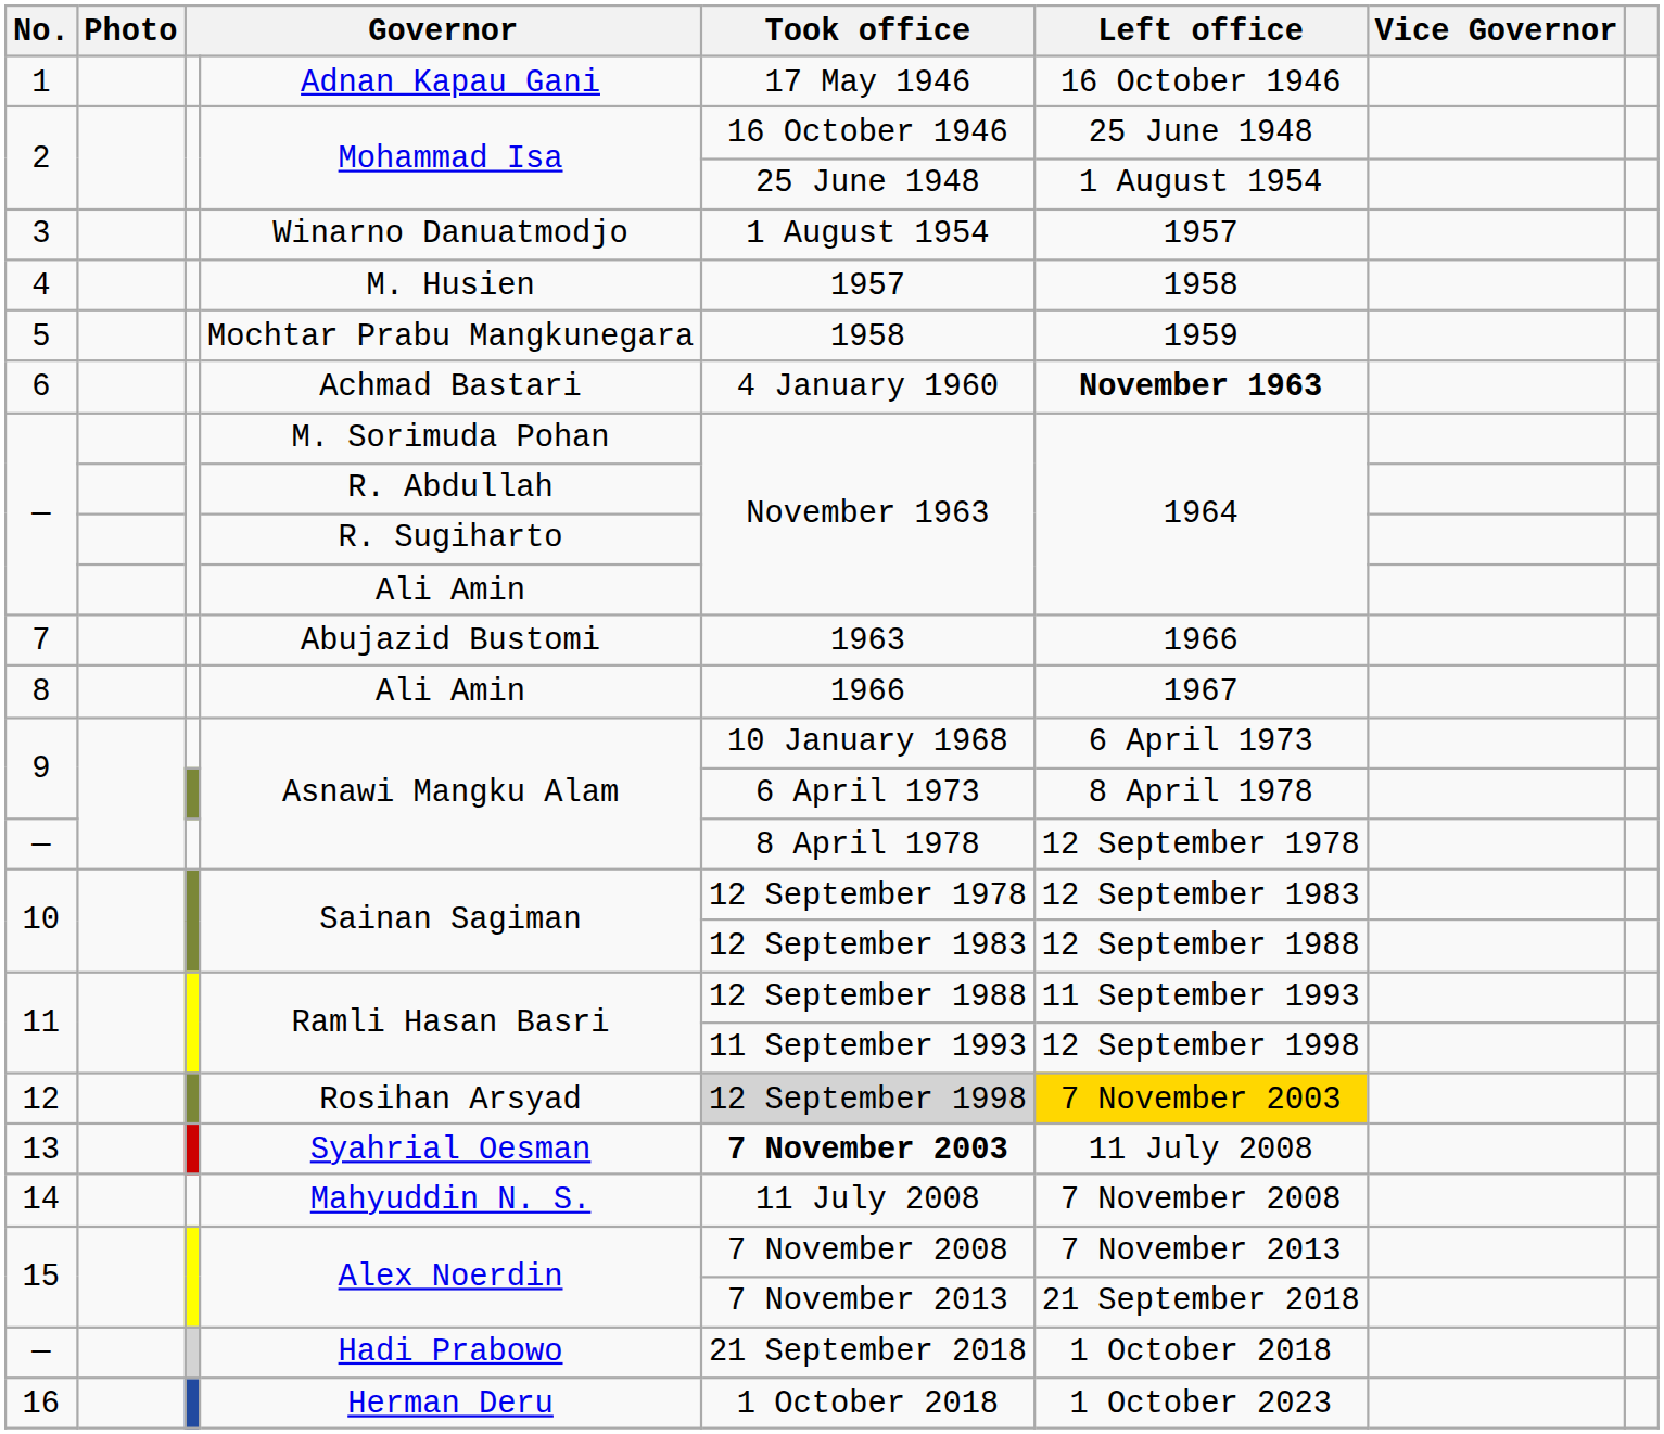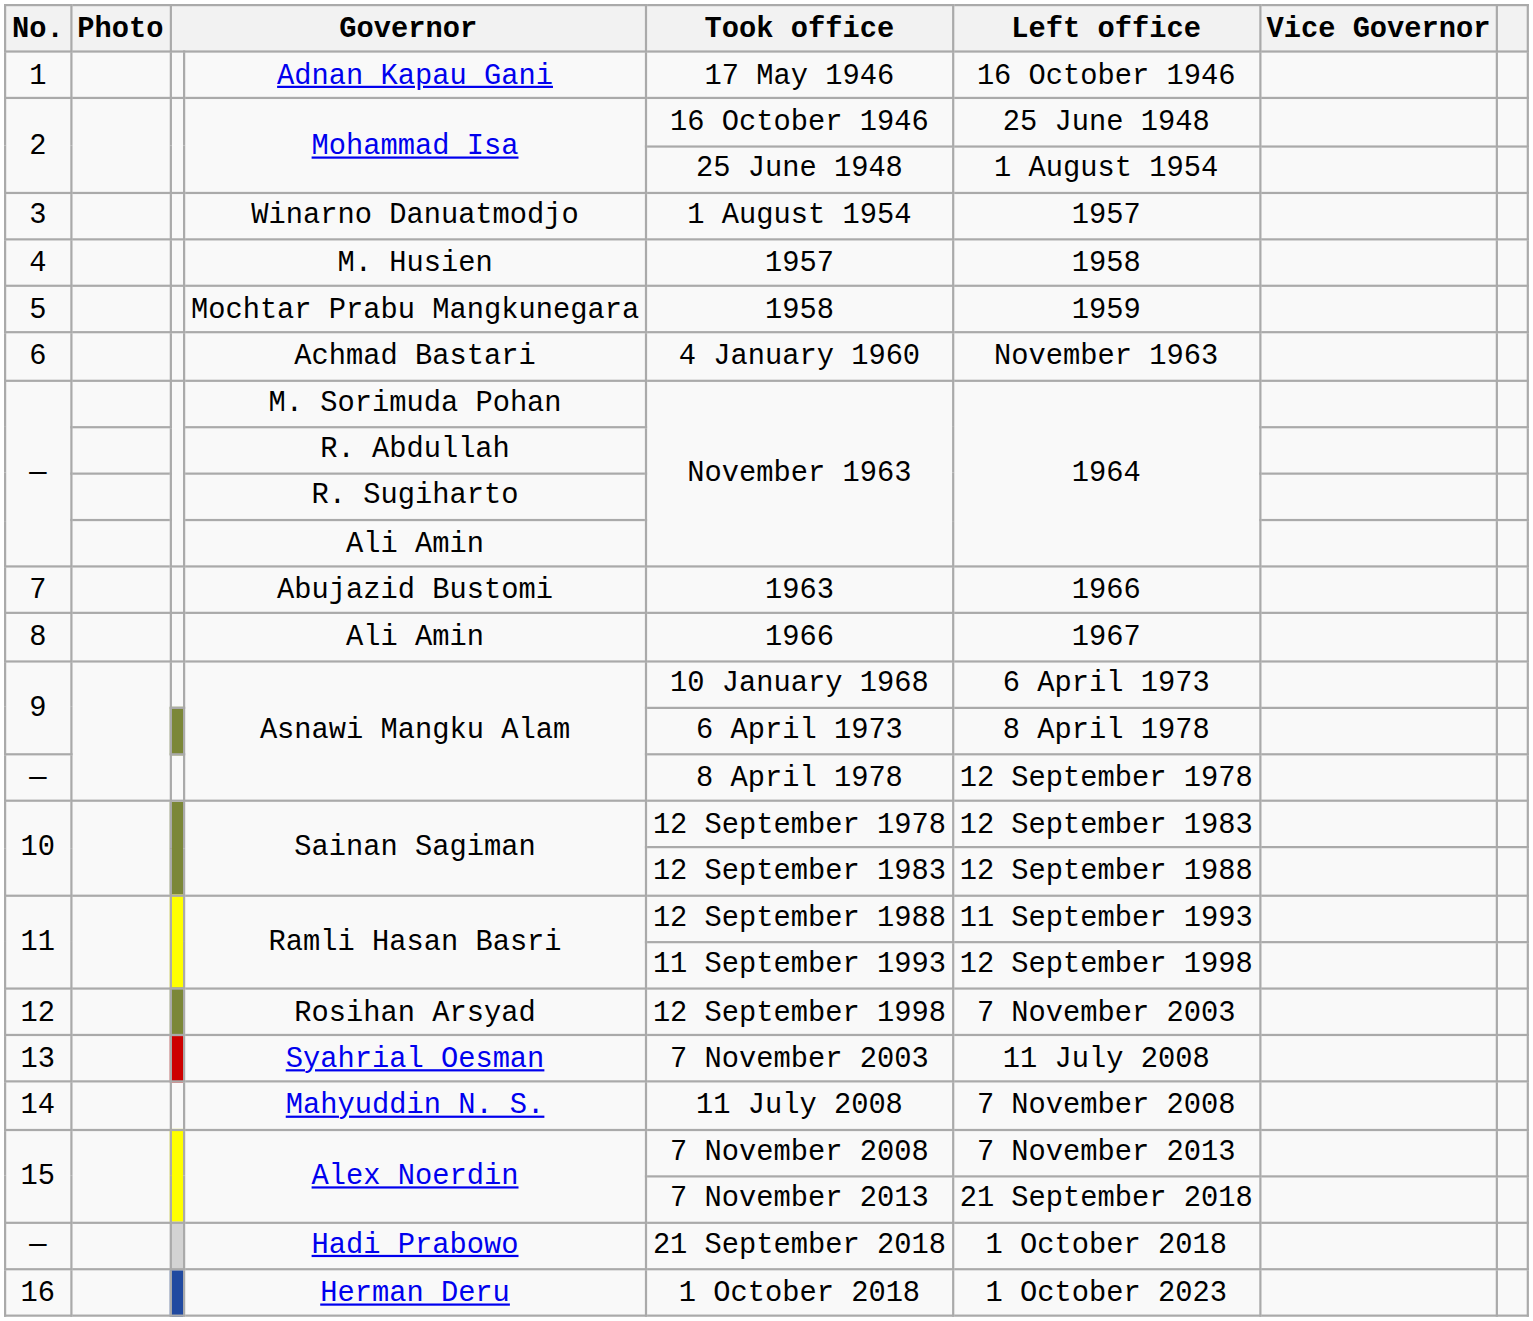 <table class="wikitable" style="text-align:center;">
 <tr>
 <th>No.</th>
 <th>Photo</th>
 <th colspan="2">Governor</th>
 <th>Took office</th>
 <th>Left office</th>
 <th>Vice Governor</th>
 <th></th>
 </tr>
 <tr>
 <td>1</td>
 <td></td>
 <td></td>
 <td><a href='#'>Adnan Kapau Gani</a></td>
 <td>17 May 1946</td>
 <td>16 October 1946</td>
 <td></td>
 <td></td>
 </tr>
 <tr>
 <td rowspan="2">2</td>
 <td rowspan="2"></td>
 <td rowspan="2"></td>
 <td rowspan="2"><a href='#'>Mohammad Isa</a></td>
 <td>16 October 1946</td>
 <td>25 June 1948</td>
 <td></td>
 <td></td>
 </tr>
 <tr>
 <td>25 June 1948</td>
 <td>1 August 1954</td>
 <td></td>
 <td></td>
 </tr>
 <tr>
 <td>3</td>
 <td></td>
 <td></td>
 <td>Winarno Danuatmodjo</td>
 <td>1 August 1954</td>
 <td>1957</td>
 <td></td>
 <td></td>
 </tr>
 <tr>
 <td>4</td>
 <td></td>
 <td></td>
 <td>M. Husien</td>
 <td>1957</td>
 <td>1958</td>
 <td></td>
 <td></td>
 </tr>
 <tr>
 <td>5</td>
 <td></td>
 <td></td>
 <td>Mochtar Prabu Mangkunegara</td>
 <td>1958</td>
 <td>1959</td>
 <td></td>
 <td></td>
 </tr>
 <tr>
 <td>6</td>
 <td></td>
 <td></td>
 <td>Achmad Bastari</td>
 <td>4 January 1960</td>
-<td><strong>November 1963</strong></td>
+<td>November 1963</td>
 <td></td>
 <td> </td>
 </tr>
 <tr>
 <td rowspan="4">—</td>
 <td></td>
 <td rowspan="4"></td>
 <td>M. Sorimuda Pohan</td>
 <td rowspan="4">November 1963</td>
 <td rowspan="4">1964</td>
 <td></td>
 <td></td>
 </tr>
 <tr>
 <td></td>
 <td>R. Abdullah</td>
 <td></td>
 <td></td>
 </tr>
 <tr>
 <td></td>
 <td>R. Sugiharto</td>
 <td></td>
 <td></td>
 </tr>
 <tr>
 <td></td>
 <td>Ali Amin</td>
 <td></td>
 <td></td>
 </tr>
 <tr>
 <td>7</td>
 <td></td>
 <td></td>
 <td>Abujazid Bustomi</td>
 <td>1963</td>
 <td>1966</td>
 <td></td>
 <td></td>
 </tr>
 <tr>
 <td>8</td>
 <td></td>
 <td></td>
 <td>Ali Amin</td>
 <td>1966</td>
 <td>1967</td>
 <td></td>
 <td> </td>
 </tr>
 <tr>
 <td rowspan="2">9</td>
 <td rowspan="3"></td>
 <td></td>
 <td rowspan="3">Asnawi Mangku Alam</td>
 <td>10 January 1968</td>
 <td>6 April 1973</td>
 <td></td>
 <td></td>
 </tr>
 <tr>
 <td bgcolor="#7B8738"></td>
 <td>6 April 1973</td>
 <td>8 April 1978</td>
 <td></td>
 <td></td>
 </tr>
 <tr>
 <td>—</td>
 <td></td>
 <td>8 April 1978</td>
 <td>12 September 1978</td>
 <td></td>
 <td></td>
 </tr>
 <tr>
 <td rowspan="2">10</td>
 <td rowspan="2"></td>
 <td rowspan="2" bgcolor="#7B8738"></td>
 <td rowspan="2">Sainan Sagiman</td>
 <td>12 September 1978</td>
 <td>12 September 1983</td>
 <td></td>
 <td></td>
 </tr>
 <tr>
 <td>12 September 1983</td>
 <td>12 September 1988</td>
 <td></td>
 <td></td>
 </tr>
 <tr>
 <td rowspan="2">11</td>
 <td rowspan="2"></td>
 <td rowspan="2" bgcolor="#ffff00"></td>
 <td rowspan="2">Ramli Hasan Basri</td>
 <td>12 September 1988</td>
 <td>11 September 1993</td>
 <td></td>
 <td></td>
 </tr>
 <tr>
 <td>11 September 1993</td>
 <td>12 September 1998</td>
 <td></td>
 <td></td>
 </tr>
 <tr>
 <td>12</td>
 <td></td>
 <td bgcolor="#7B8738"></td>
 <td>Rosihan Arsyad</td>
-<td style="background: lightgrey;">12 September 1998</td>
-<td style="background: gold;">7 November 2003</td>
+<td>12 September 1998</td>
+<td>7 November 2003</td>
 <td></td>
 <td> </td>
 </tr>
 <tr>
 <td>13</td>
 <td></td>
 <td bgcolor="#cd0000"></td>
 <td><a href='#'>Syahrial Oesman</a></td>
-<td><strong>7 November 2003</strong></td>
+<td>7 November 2003</td>
 <td>11 July 2008</td>
 <td></td>
 <td></td>
 </tr>
 <tr>
 <td>14</td>
 <td></td>
 <td></td>
 <td><a href='#'>Mahyuddin N. S.</a></td>
 <td>11 July 2008</td>
 <td>7 November 2008</td>
 <td></td>
 <td> </td>
 </tr>
 <tr>
 <td rowspan="2">15</td>
 <td rowspan="2"></td>
 <td rowspan="2" bgcolor="#ffff00"></td>
 <td rowspan="2"><a href='#'>Alex Noerdin</a></td>
 <td>7 November 2008</td>
 <td>7 November 2013</td>
 <td></td>
 <td></td>
 </tr>
 <tr>
 <td>7 November 2013</td>
 <td>21 September 2018</td>
 <td></td>
 <td></td>
 </tr>
 <tr>
 <td>—</td>
 <td></td>
 <td bgcolor="#d3d3d3"></td>
 <td><a href='#'>Hadi Prabowo</a></td>
 <td>21 September 2018</td>
 <td>1 October 2018</td>
 <td></td>
 <td></td>
 </tr>
 <tr>
 <td>16</td>
 <td></td>
 <td bgcolor="#214aa0"></td>
 <td><a href='#'>Herman Deru</a></td>
 <td>1 October 2018</td>
 <td>1 October 2023</td>
 <td></td>
 <td></td>
 </tr>
 </table>
